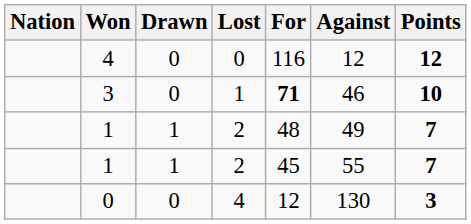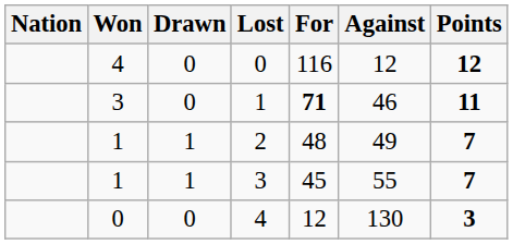 <table class="wikitable" style="text-align: center;">
 <tr>
 <th>Nation</th>
 <th>Won</th>
 <th>Drawn</th>
 <th>Lost</th>
 <th>For</th>
 <th>Against</th>
 <th>Points</th>
 </tr>
 <tr>
 <td align="left"></td>
 <td>4</td>
 <td>0</td>
 <td>0</td>
 <td>116</td>
 <td>12</td>
 <td><strong>12</strong></td>
 </tr>
 <tr>
 <td align="left"></td>
 <td>3</td>
 <td>0</td>
 <td>1</td>
 <td><strong>71</strong></td>
 <td>46</td>
-<td><strong>10</strong></td>
+<td><strong>11</strong></td>
 </tr>
 <tr>
 <td align="left"></td>
 <td>1</td>
 <td>1</td>
 <td>2</td>
 <td>48</td>
 <td>49</td>
 <td><strong>7</strong></td>
 </tr>
 <tr>
 <td align="left"></td>
 <td>1</td>
 <td>1</td>
-<td>2</td>
+<td>3</td>
 <td>45</td>
 <td>55</td>
 <td><strong>7</strong></td>
 </tr>
 <tr>
 <td align="left"></td>
 <td>0</td>
 <td>0</td>
 <td>4</td>
 <td>12</td>
 <td>130</td>
 <td><strong>3</strong></td>
 </tr>
 </table>
